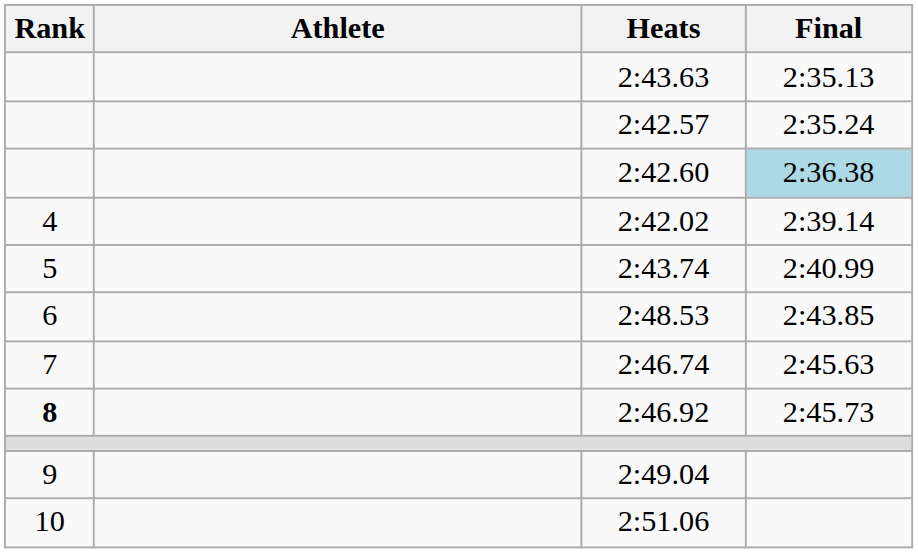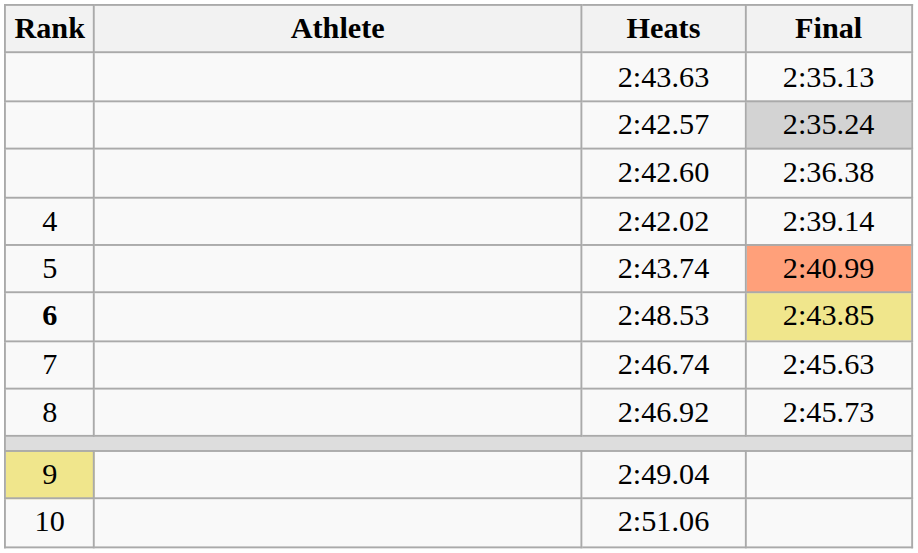 <table class=wikitable style="text-align:center">
 <tr>
 <th width=40>Rank</th>
 <th width=250>Athlete</th>
 <th width=80>Heats</th>
 <th width=80>Final</th>
 </tr>
 <tr>
 <td></td>
 <td align=left></td>
 <td>2:43.63</td>
 <td>2:35.13</td>
 </tr>
 <tr>
 <td></td>
 <td align=left></td>
 <td>2:42.57</td>
-<td>2:35.24</td>
+<td style="background: lightgrey;">2:35.24</td>
 </tr>
 <tr>
 <td></td>
 <td align=left></td>
 <td>2:42.60</td>
-<td style="background: lightblue;">2:36.38</td>
+<td>2:36.38</td>
 </tr>
 <tr>
 <td>4</td>
 <td align=left></td>
 <td>2:42.02</td>
 <td>2:39.14</td>
 </tr>
 <tr>
 <td>5</td>
 <td align=left></td>
 <td>2:43.74</td>
-<td>2:40.99</td>
+<td style="background: lightsalmon;">2:40.99</td>
 </tr>
 <tr>
-<td>6</td>
+<td><strong>6</strong></td>
 <td align=left></td>
 <td>2:48.53</td>
-<td>2:43.85</td>
+<td style="background: khaki;">2:43.85</td>
 </tr>
 <tr>
 <td>7</td>
 <td align=left></td>
 <td>2:46.74</td>
 <td>2:45.63</td>
 </tr>
 <tr>
-<td><strong>8</strong></td>
+<td>8</td>
 <td align=left></td>
 <td>2:46.92</td>
 <td>2:45.73</td>
 </tr>
 <tr bgcolor=#DDDDDD>
 <td colspan=4></td>
 </tr>
 <tr>
-<td>9</td>
+<td style="background: khaki;">9</td>
 <td align=left></td>
 <td>2:49.04</td>
 <td></td>
 </tr>
 <tr>
 <td>10</td>
 <td align=left></td>
 <td>2:51.06</td>
 <td></td>
 </tr>
 </table>
